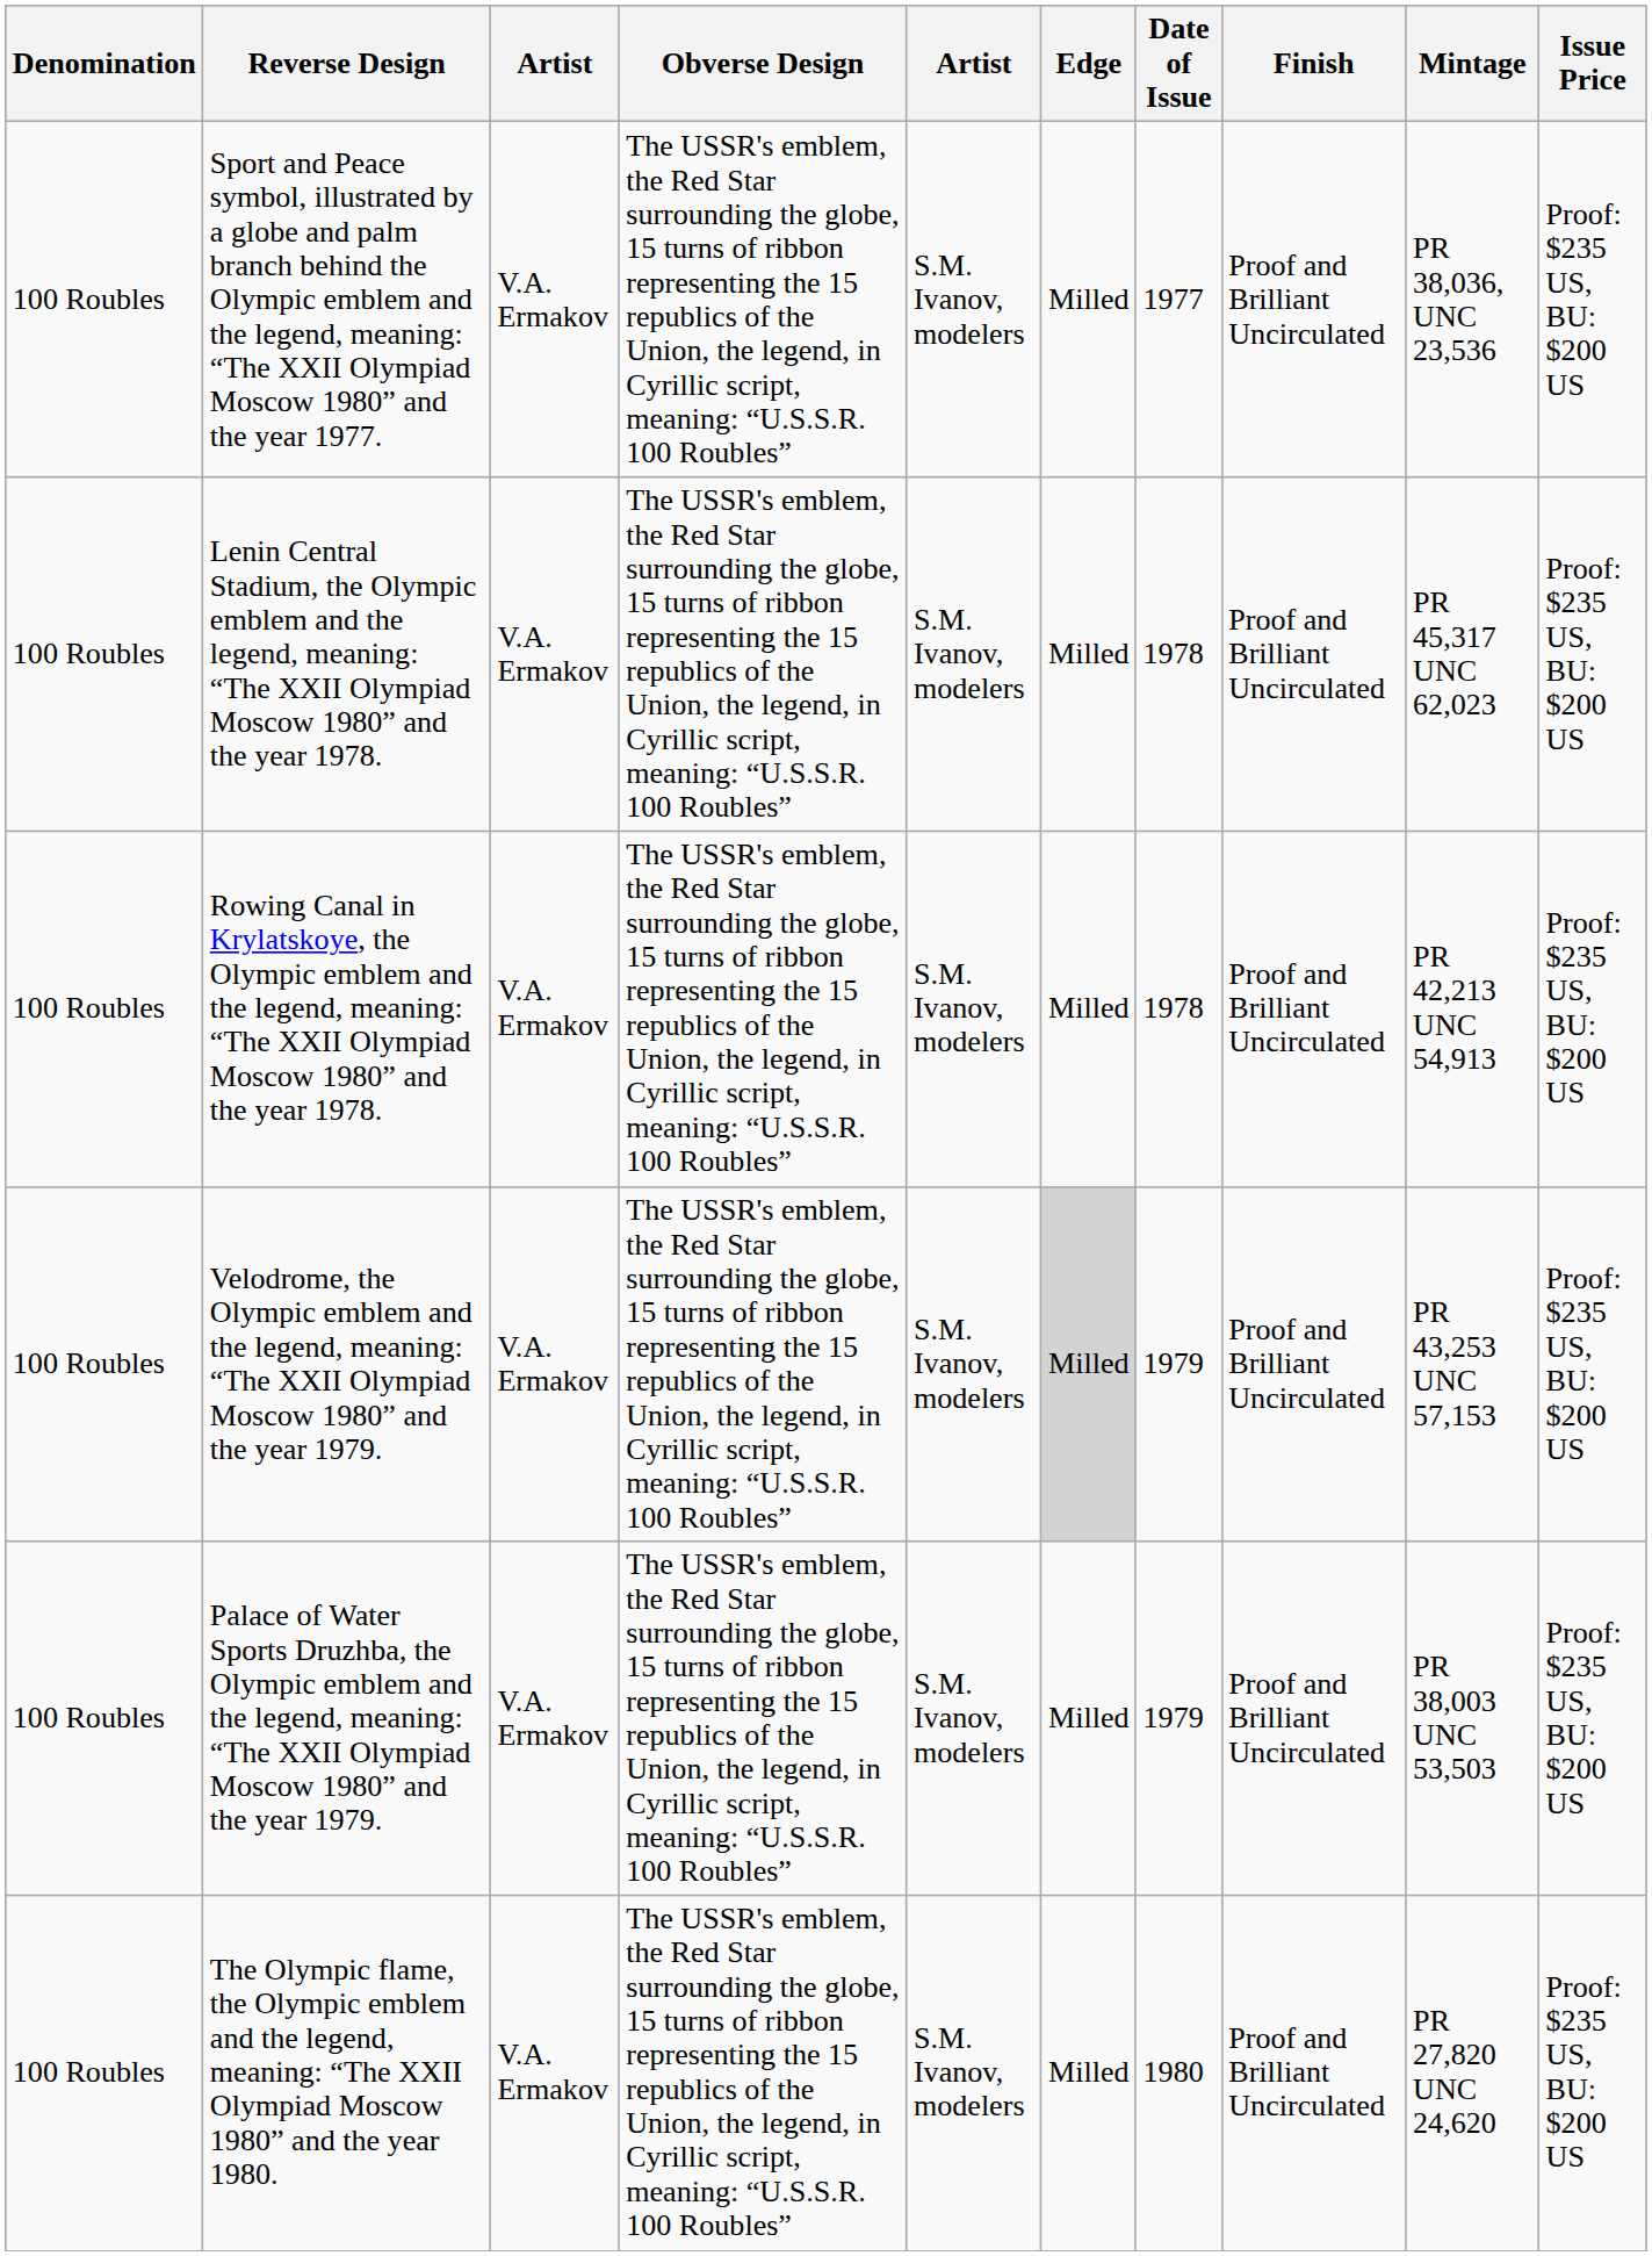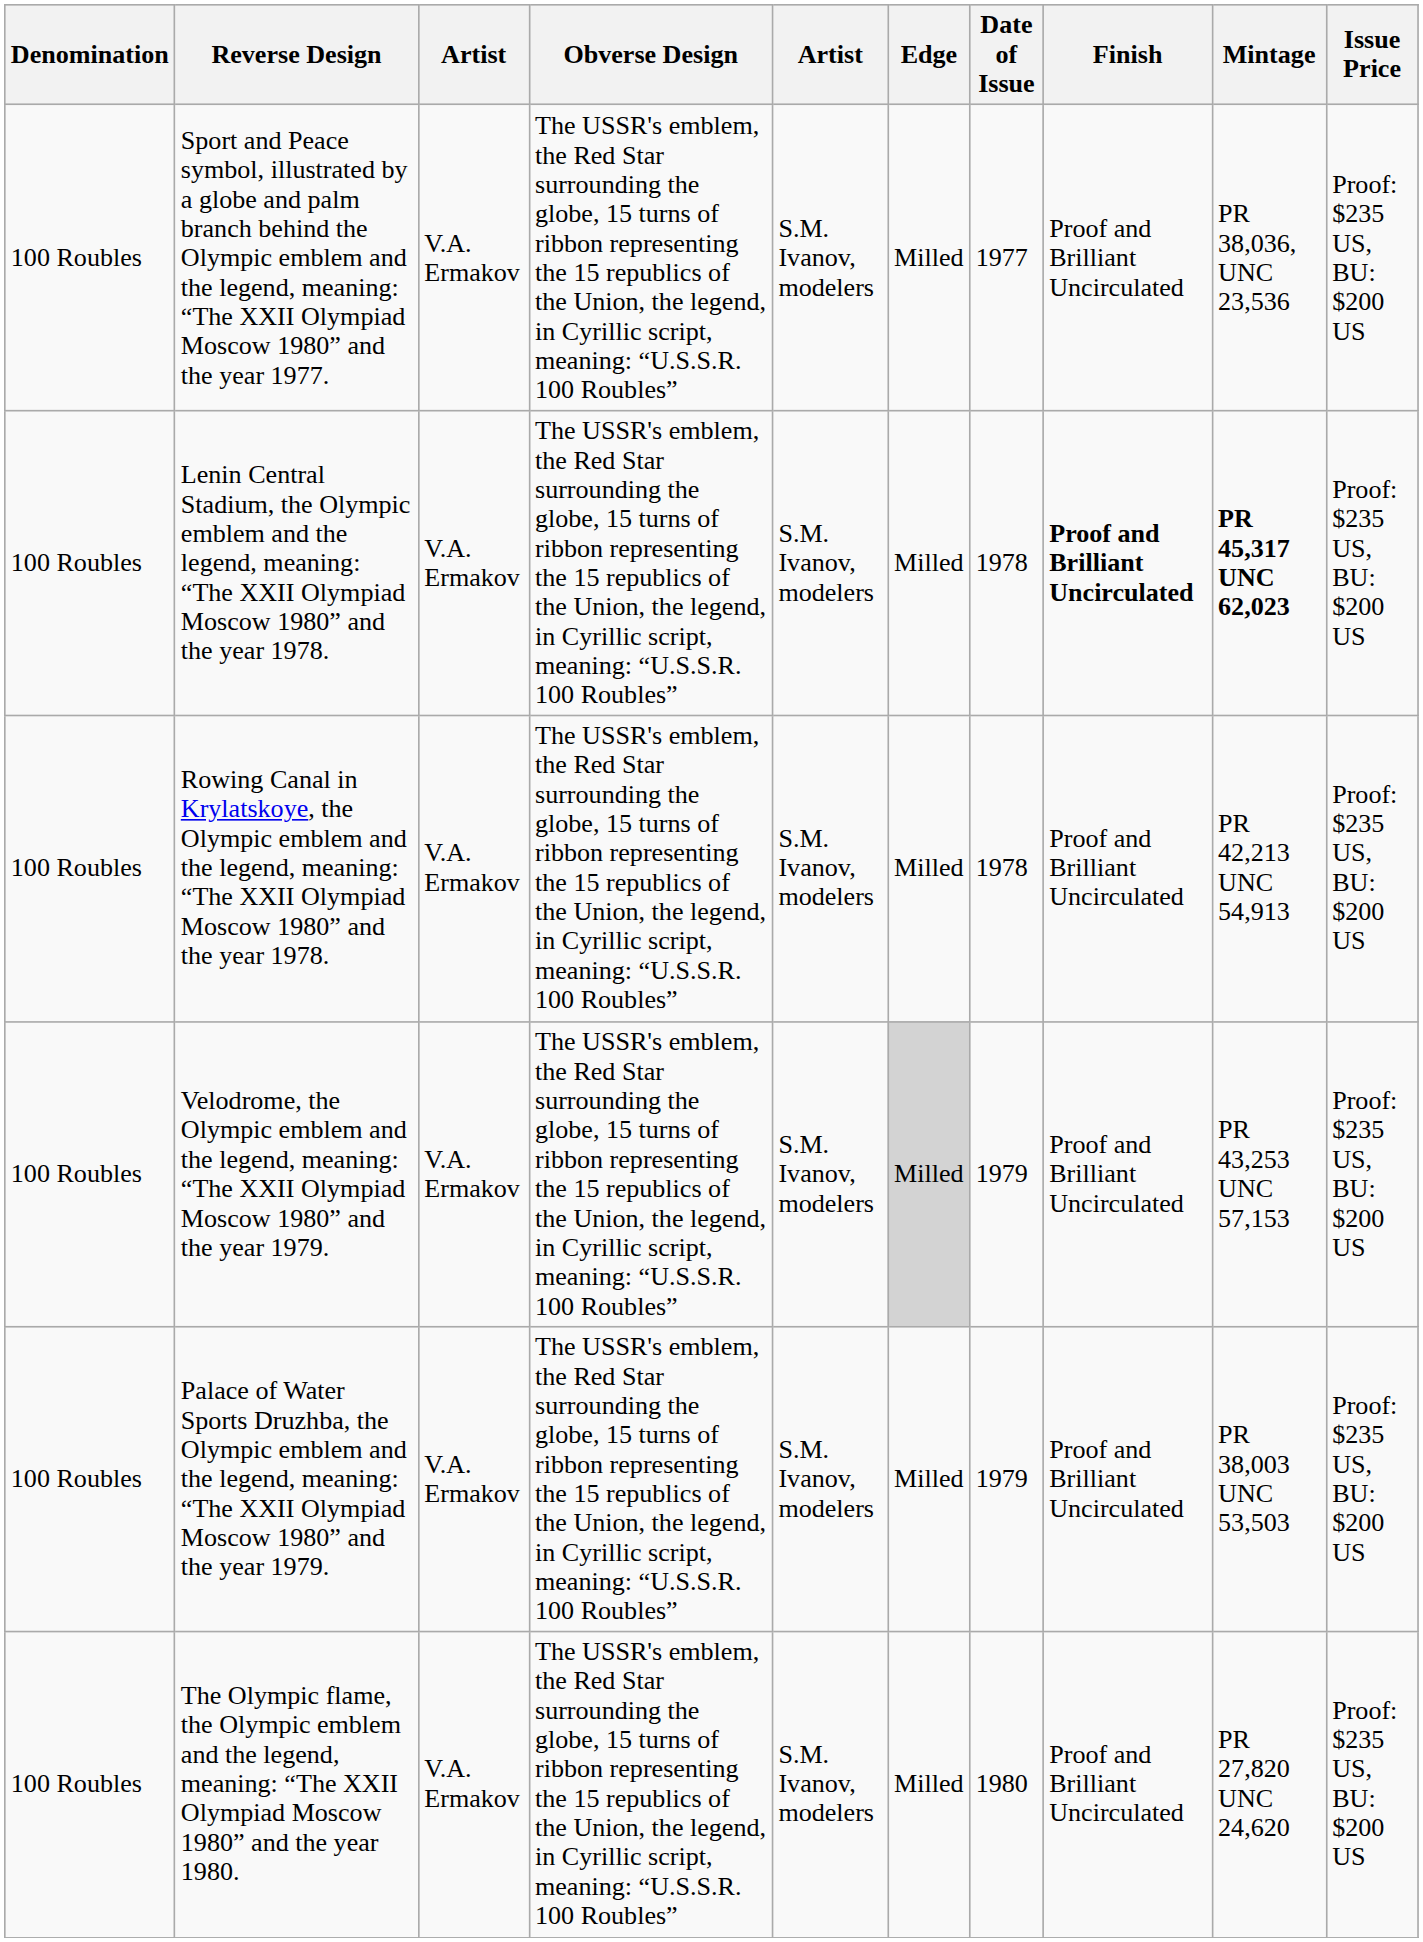 <table class="wikitable">
 <tr>
 <th>Denomination</th>
 <th>Reverse Design</th>
 <th>Artist</th>
 <th>Obverse Design</th>
 <th>Artist</th>
 <th>Edge</th>
 <th>Date of Issue</th>
 <th>Finish</th>
 <th>Mintage</th>
 <th>Issue Price</th>
 </tr>
 <tr>
 <td>100 Roubles</td>
 <td>Sport and Peace symbol, illustrated by a globe and palm branch behind the Olympic emblem and the legend, meaning: “The XXII Olympiad Moscow 1980” and the year 1977.</td>
 <td>V.A. Ermakov</td>
 <td>The USSR's emblem, the Red Star surrounding the globe, 15 turns of ribbon representing the 15 republics of the Union, the legend, in Cyrillic script, meaning: “U.S.S.R. 100 Roubles”</td>
 <td>S.M. Ivanov, modelers</td>
 <td>Milled</td>
 <td>1977</td>
 <td>Proof and Brilliant Uncirculated</td>
 <td>PR 38,036, UNC 23,536</td>
 <td>Proof: $235 US, BU: $200 US</td>
 </tr>
 <tr>
 <td>100 Roubles</td>
 <td>Lenin Central Stadium, the Olympic emblem and the legend, meaning: “The XXII Olympiad Moscow 1980” and the year 1978.</td>
 <td>V.A. Ermakov</td>
 <td>The USSR's emblem, the Red Star surrounding the globe, 15 turns of ribbon representing the 15 republics of the Union, the legend, in Cyrillic script, meaning: “U.S.S.R. 100 Roubles”</td>
 <td>S.M. Ivanov, modelers</td>
 <td>Milled</td>
 <td>1978</td>
-<td>Proof and Brilliant Uncirculated</td>
-<td>PR 45,317 UNC 62,023</td>
+<td><strong>Proof and Brilliant Uncirculated</strong></td>
+<td><strong>PR 45,317 UNC 62,023</strong></td>
 <td>Proof: $235 US, BU: $200 US</td>
 </tr>
 <tr>
 <td>100 Roubles</td>
 <td>Rowing Canal in <a href='#'>Krylatskoye</a>, the Olympic emblem and the legend, meaning: “The XXII Olympiad Moscow 1980” and the year 1978.</td>
 <td>V.A. Ermakov</td>
 <td>The USSR's emblem, the Red Star surrounding the globe, 15 turns of ribbon representing the 15 republics of the Union, the legend, in Cyrillic script, meaning: “U.S.S.R. 100 Roubles”</td>
 <td>S.M. Ivanov, modelers</td>
 <td>Milled</td>
 <td>1978</td>
 <td>Proof and Brilliant Uncirculated</td>
 <td>PR 42,213 UNC 54,913</td>
 <td>Proof: $235 US, BU: $200 US</td>
 </tr>
 <tr>
 <td>100 Roubles</td>
 <td>Velodrome, the Olympic emblem and the legend, meaning: “The XXII Olympiad Moscow 1980” and the year 1979.</td>
 <td>V.A. Ermakov</td>
 <td>The USSR's emblem, the Red Star surrounding the globe, 15 turns of ribbon representing the 15 republics of the Union, the legend, in Cyrillic script, meaning: “U.S.S.R. 100 Roubles”</td>
 <td>S.M. Ivanov, modelers</td>
 <td style="background: lightgrey;">Milled</td>
 <td>1979</td>
 <td>Proof and Brilliant Uncirculated</td>
 <td>PR 43,253 UNC 57,153</td>
 <td>Proof: $235 US, BU: $200 US</td>
 </tr>
 <tr>
 <td>100 Roubles</td>
 <td>Palace of Water Sports Druzhba, the Olympic emblem and the legend, meaning: “The XXII Olympiad Moscow 1980” and the year 1979.</td>
 <td>V.A. Ermakov</td>
 <td>The USSR's emblem, the Red Star surrounding the globe, 15 turns of ribbon representing the 15 republics of the Union, the legend, in Cyrillic script, meaning: “U.S.S.R. 100 Roubles”</td>
 <td>S.M. Ivanov, modelers</td>
 <td>Milled</td>
 <td>1979</td>
 <td>Proof and Brilliant Uncirculated</td>
 <td>PR 38,003 UNC 53,503</td>
 <td>Proof: $235 US, BU: $200 US</td>
 </tr>
 <tr>
 <td>100 Roubles</td>
 <td>The Olympic flame, the Olympic emblem and the legend, meaning: “The XXII Olympiad Moscow 1980” and the year 1980.</td>
 <td>V.A. Ermakov</td>
 <td>The USSR's emblem, the Red Star surrounding the globe, 15 turns of ribbon representing the 15 republics of the Union, the legend, in Cyrillic script, meaning: “U.S.S.R. 100 Roubles”</td>
 <td>S.M. Ivanov, modelers</td>
 <td>Milled</td>
 <td>1980</td>
 <td>Proof and Brilliant Uncirculated</td>
 <td>PR 27,820 UNC 24,620</td>
 <td>Proof: $235 US, BU: $200 US</td>
 </tr>
 <tr>
 </tr>
 </table>
